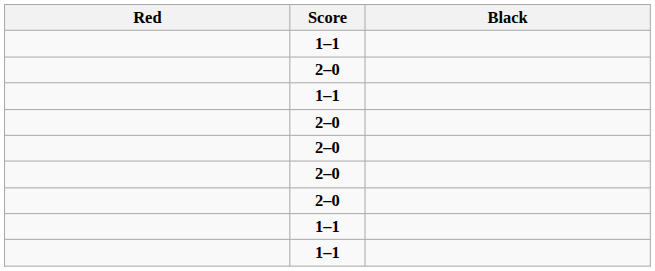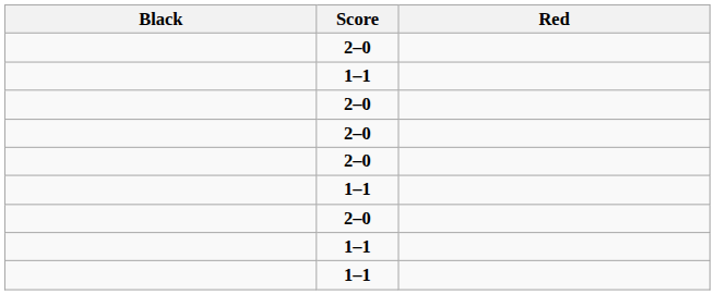 <table class="wikitable" style="text-align: center;">
 <tr>
+<th align="left" width="270">Black</th>
+<th width="65">Score</th>
 <th align="right" width="270">Red</th>
-<th width="65">Score</th>
-<th align="left" width="270">Black</th>
+</tr>
+<tr>
+<td align=left></td>
+<td align=center><strong>2–0</strong></td>
+<td align=left></td>
 </tr>
 <tr>
 <td align=left></td>
 <td align=center><strong>1–1</strong></td>
 <td align=left></td>
 </tr>
 <tr>
 <td align=left></td>
 <td align=center><strong>2–0</strong></td>
-<td align=left></td>
+<td align=left><strong></strong></td>
 </tr>
 <tr>
+<td align=left></td>
+<td align=center><strong>2–0</strong></td>
 <td align=left><strong></strong></td>
-<td align=center><strong>1–1</strong></td>
-<td align=left></td>
 </tr>
 <tr>
+<td align=left></td>
+<td align=center><strong>2–0</strong></td>
 <td align=left><strong></strong></td>
-<td align=center><strong>2–0</strong></td>
-<td align=left></td>
 </tr>
 <tr>
+<td align=left></td>
+<td align=center><strong>1–1</strong></td>
 <td align=left><strong></strong></td>
-<td align=center><strong>2–0</strong></td>
-<td align=left></td>
 </tr>
 <tr>
+<td align=left></td>
+<td align=center><strong>2–0</strong></td>
 <td align=left><strong></strong></td>
-<td align=center><strong>2–0</strong></td>
-<td align=left></td>
-</tr>
-<tr>
-<td align=left><strong></strong></td>
-<td align=center><strong>2–0</strong></td>
-<td align=left></td>
 </tr>
 <tr>
 <td align=left></td>
 <td align=center><strong>1–1</strong></td>
 <td align=left></td>
 </tr>
 <tr>
 <td align=left></td>
 <td align=center><strong>1–1</strong></td>
 <td align=left></td>
 </tr>
 </table>
